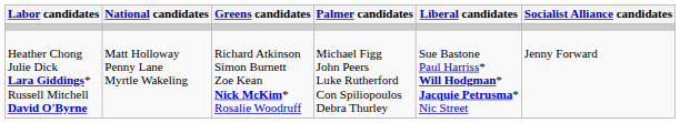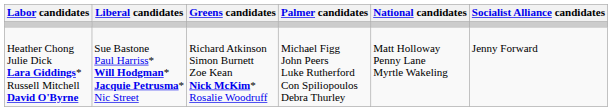 <table class="wikitable">
 <tr>
 <th><a href='#'>Labor</a> candidates</th>
-<th><a href='#'>National</a> candidates</th>
+<th><a href='#'>Liberal</a> candidates</th>
 <th><a href='#'>Greens</a> candidates</th>
 <th><a href='#'>Palmer</a> candidates</th>
-<th><a href='#'>Liberal</a> candidates</th>
+<th><a href='#'>National</a> candidates</th>
 <th><a href='#'>Socialist Alliance</a> candidates</th>
 </tr>
 <tr bgcolor="#cccccc">
 <td></td>
 <td></td>
 <td></td>
 <td></td>
 <td></td>
 <td></td>
 </tr>
 <tr>
 <td><br>Heather Chong<br> Julie Dick<br> <strong><a href='#'>Lara Giddings</a></strong>*<br> Russell Mitchell<br> <strong><a href='#'>David O'Byrne</a></strong></td>
-<td valign=top><br>Matt Holloway<br> Penny Lane<br> Myrtle Wakeling</td>
+<td><br>Sue Bastone<br> <a href='#'>Paul Harriss</a>*<br> <strong><a href='#'>Will Hodgman</a></strong>*<br> <strong><a href='#'>Jacquie Petrusma</a></strong>*<br> <a href='#'>Nic Street</a></td>
 <td><br>Richard Atkinson<br> Simon Burnett<br> Zoe Kean<br> <strong><a href='#'>Nick McKim</a></strong>*<br> <a href='#'>Rosalie Woodruff</a></td>
 <td valign=top><br>Michael Figg<br> John Peers<br> Luke Rutherford<br> Con Spiliopoulos<br> Debra Thurley</td>
-<td><br>Sue Bastone<br> <a href='#'>Paul Harriss</a>*<br> <strong><a href='#'>Will Hodgman</a></strong>*<br> <strong><a href='#'>Jacquie Petrusma</a></strong>*<br> <a href='#'>Nic Street</a></td>
+<td valign=top><br>Matt Holloway<br> Penny Lane<br> Myrtle Wakeling</td>
 <td valign=top><br>Jenny Forward</td>
 </tr>
 </table>
